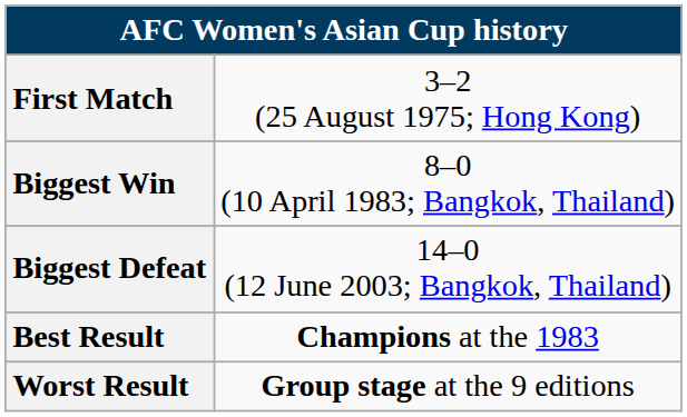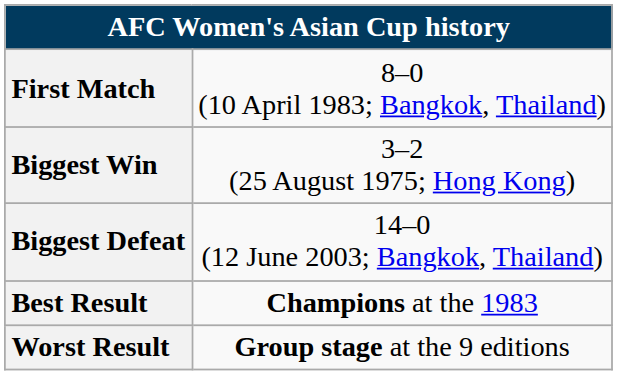 <table class="wikitable" style="text-align: center; font-size:100%">
 <tr>
 <th colspan="6" style="background: #013A5E; color: #FFFFFF;">AFC Women's Asian Cup history</th>
 </tr>
 <tr>
 <th style="text-align: left;">First Match</th>
-<td align=center> 3–2 <br>(25 August 1975; <a href='#'>Hong Kong</a>)</td>
+<td align=center> 8–0 <br>(10 April 1983; <a href='#'>Bangkok</a>, <a href='#'>Thailand</a>)</td>
 </tr>
 <tr>
 <th style="text-align: left;">Biggest Win</th>
-<td align=center> 8–0 <br>(10 April 1983; <a href='#'>Bangkok</a>, <a href='#'>Thailand</a>)</td>
+<td align=center> 3–2 <br>(25 August 1975; <a href='#'>Hong Kong</a>)</td>
 </tr>
 <tr>
 <th style="text-align: left;">Biggest Defeat</th>
 <td align=center> 14–0 <br>(12 June 2003; <a href='#'>Bangkok</a>, <a href='#'>Thailand</a>)</td>
 </tr>
 <tr>
 <th style="text-align: left;">Best Result</th>
 <td><strong>Champions</strong> at the <a href='#'>1983</a></td>
 </tr>
 <tr>
 <th style="text-align: left;">Worst Result</th>
 <td><strong>Group stage</strong> at the 9 editions</td>
 </tr>
 </table>
